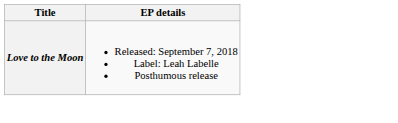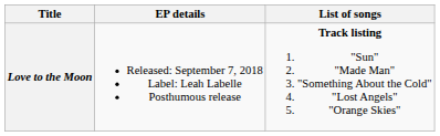 <table class="wikitable plainrowheaders" style="text-align:center;">
 <tr>
 <th scope="col">Title</th>
 <th scope="col">EP details</th>
+<th scope="col" class="unsortable">List of songs</th>
 </tr>
 <tr>
 <th scope="row"><em>Love to the Moon</em></th>
 <td><br><ul><li>Released: September 7, 2018</li><li>Label: Leah Labelle</li><li>Posthumous release</li></ul></td>
+<td><strong>Track listing</strong><br><ol><li>"Sun"</li><li>"Made Man"</li><li>"Something About the Cold"</li><li>"Lost Angels"</li><li>"Orange Skies"</li></ol></td>
 </tr>
 </table>
